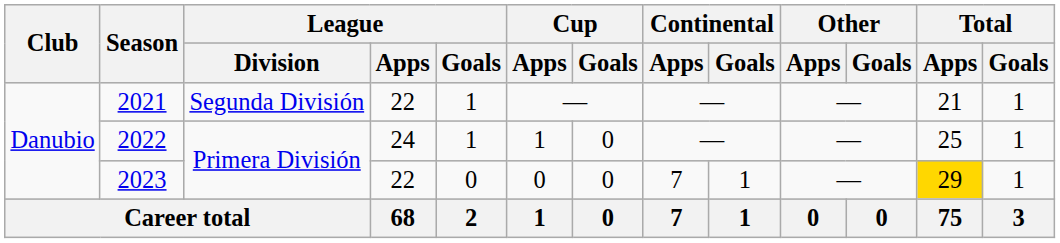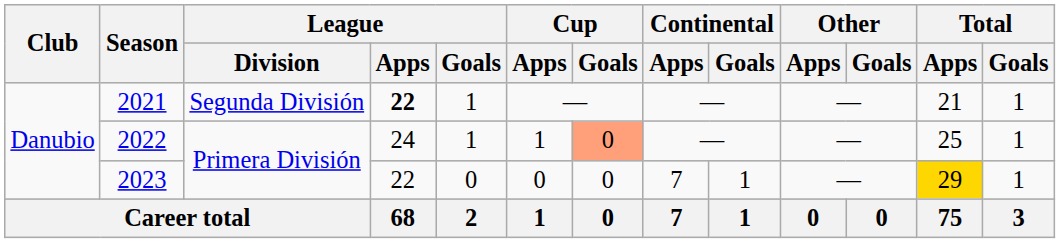 <table class="wikitable" Style="text-align: center">
 <tr>
 <th rowspan="2">Club</th>
 <th rowspan="2">Season</th>
 <th colspan="3">League</th>
 <th colspan="2">Cup</th>
 <th colspan="2">Continental</th>
 <th colspan="2">Other</th>
 <th colspan="2">Total</th>
 </tr>
 <tr>
 <th>Division</th>
 <th>Apps</th>
 <th>Goals</th>
 <th>Apps</th>
 <th>Goals</th>
 <th>Apps</th>
 <th>Goals</th>
 <th>Apps</th>
 <th>Goals</th>
 <th>Apps</th>
 <th>Goals</th>
 </tr>
 <tr>
 <td rowspan="3"><a href='#'>Danubio</a></td>
 <td><a href='#'>2021</a></td>
 <td><a href='#'>Segunda División</a></td>
-<td>22</td>
+<td><strong>22</strong></td>
 <td>1</td>
 <td colspan="2">—</td>
 <td colspan="2">—</td>
 <td colspan="2">—</td>
 <td>21</td>
 <td>1</td>
 </tr>
 <tr>
 <td><a href='#'>2022</a></td>
 <td rowspan="2"><a href='#'>Primera División</a></td>
 <td>24</td>
 <td>1</td>
 <td>1</td>
-<td>0</td>
+<td style="background: lightsalmon;">0</td>
 <td colspan="2">—</td>
 <td colspan="2">—</td>
 <td>25</td>
 <td>1</td>
 </tr>
 <tr>
 <td><a href='#'>2023</a></td>
 <td>22</td>
 <td>0</td>
 <td>0</td>
 <td>0</td>
 <td>7</td>
 <td>1</td>
 <td colspan="2">—</td>
 <td style="background: gold;">29</td>
 <td>1</td>
 </tr>
 <tr>
 <th colspan="3">Career total</th>
 <th>68</th>
 <th>2</th>
 <th>1</th>
 <th>0</th>
 <th>7</th>
 <th>1</th>
 <th>0</th>
 <th>0</th>
 <th>75</th>
 <th>3</th>
 </tr>
 </table>
